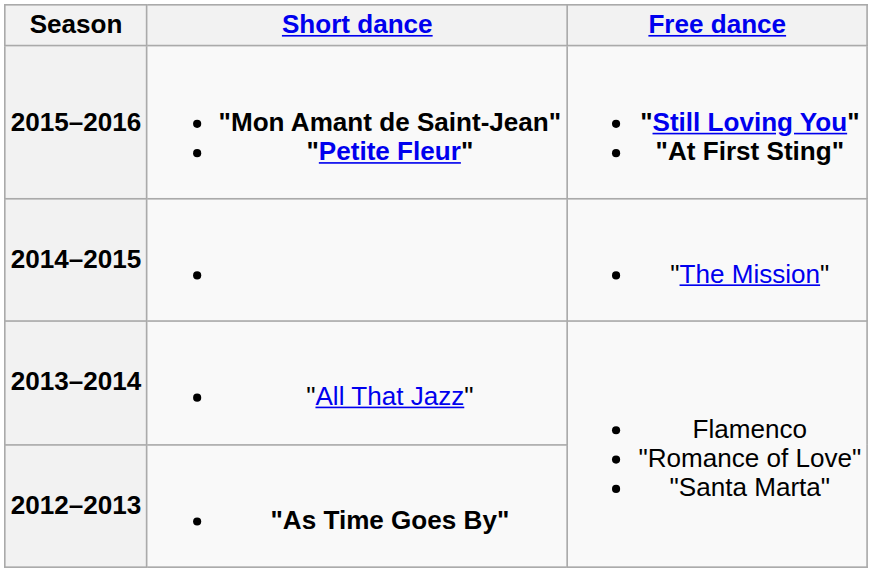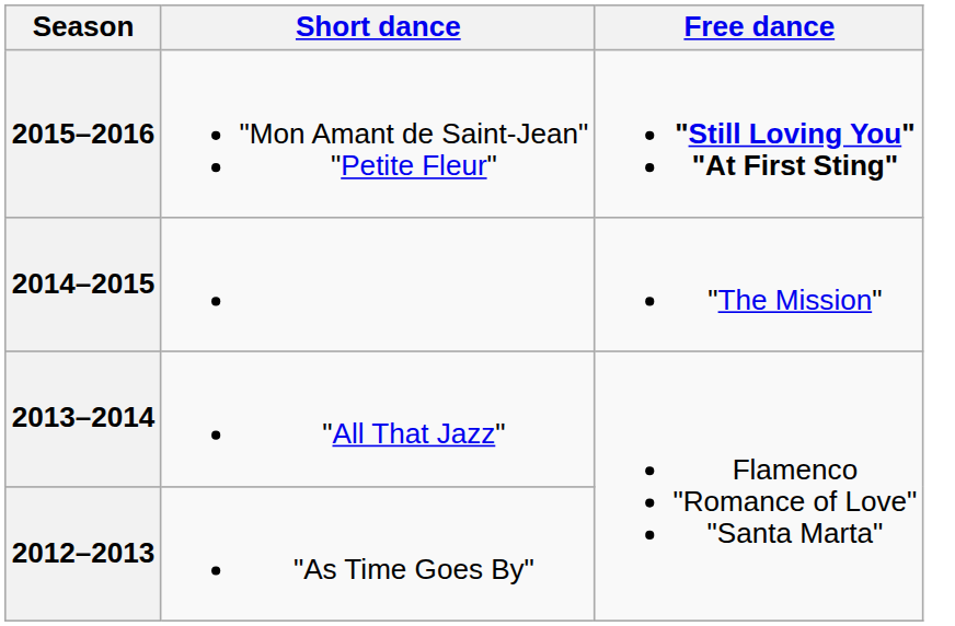 <table class=wikitable style=text-align:center>
 <tr>
 <th>Season</th>
 <th><a href='#'>Short dance</a></th>
 <th><a href='#'>Free dance</a></th>
 </tr>
 <tr>
 <th>2015–2016 <br> </th>
-<td><strong><br><ul><li>"Mon Amant de Saint-Jean" <br></li><li>"<a href='#'>Petite Fleur</a>" <br></li></ul></strong></td>
+<td><br><ul><li>"Mon Amant de Saint-Jean" <br></li><li>"<a href='#'>Petite Fleur</a>" <br></li></ul></td>
 <td><strong><br><ul><li>"<a href='#'>Still Loving You</a>"</li><li>"At First Sting" <br></li></ul></strong></td>
 </tr>
 <tr>
 <th>2014–2015 <br> </th>
 <td><br><ul><li></li></ul></td>
 <td><br><ul><li>"<a href='#'>The Mission</a>" <br></li></ul></td>
 </tr>
 <tr>
 <th>2013–2014 <br> </th>
 <td><br><ul><li>"<a href='#'>All That Jazz</a>" <br></li></ul></td>
 <td rowspan=2><br><ul><li>Flamenco</li><li>"Romance of Love" <br></li><li>"Santa Marta" <br></li></ul></td>
 </tr>
 <tr>
 <th>2012–2013 <br> </th>
-<td><strong><br><ul><li>"As Time Goes By" <br></li></ul></strong></td>
+<td><br><ul><li>"As Time Goes By" <br></li></ul></td>
 </tr>
 </table>
